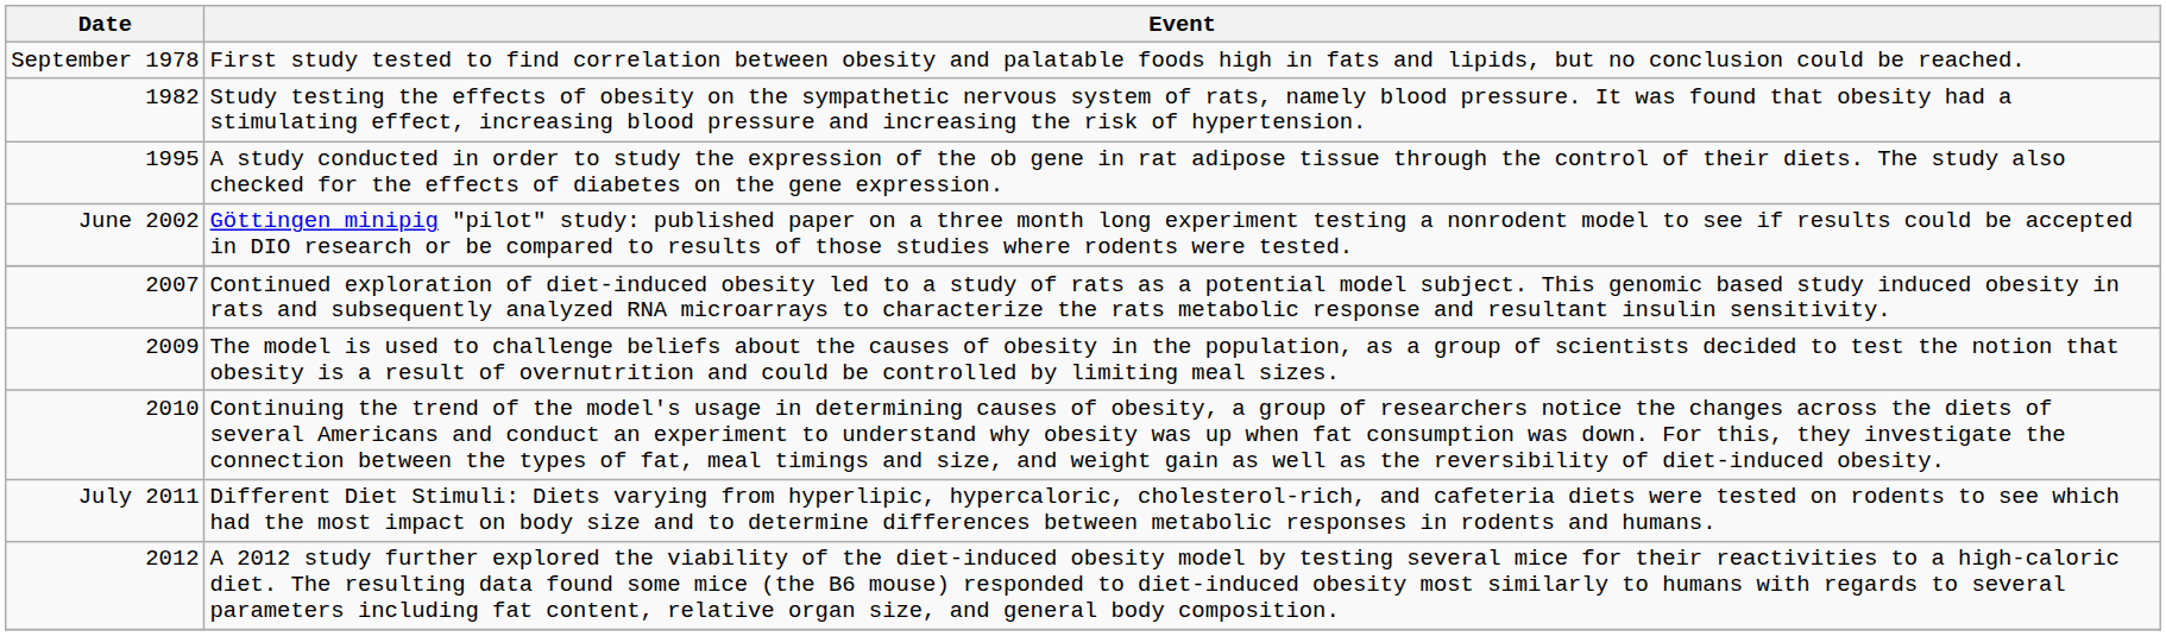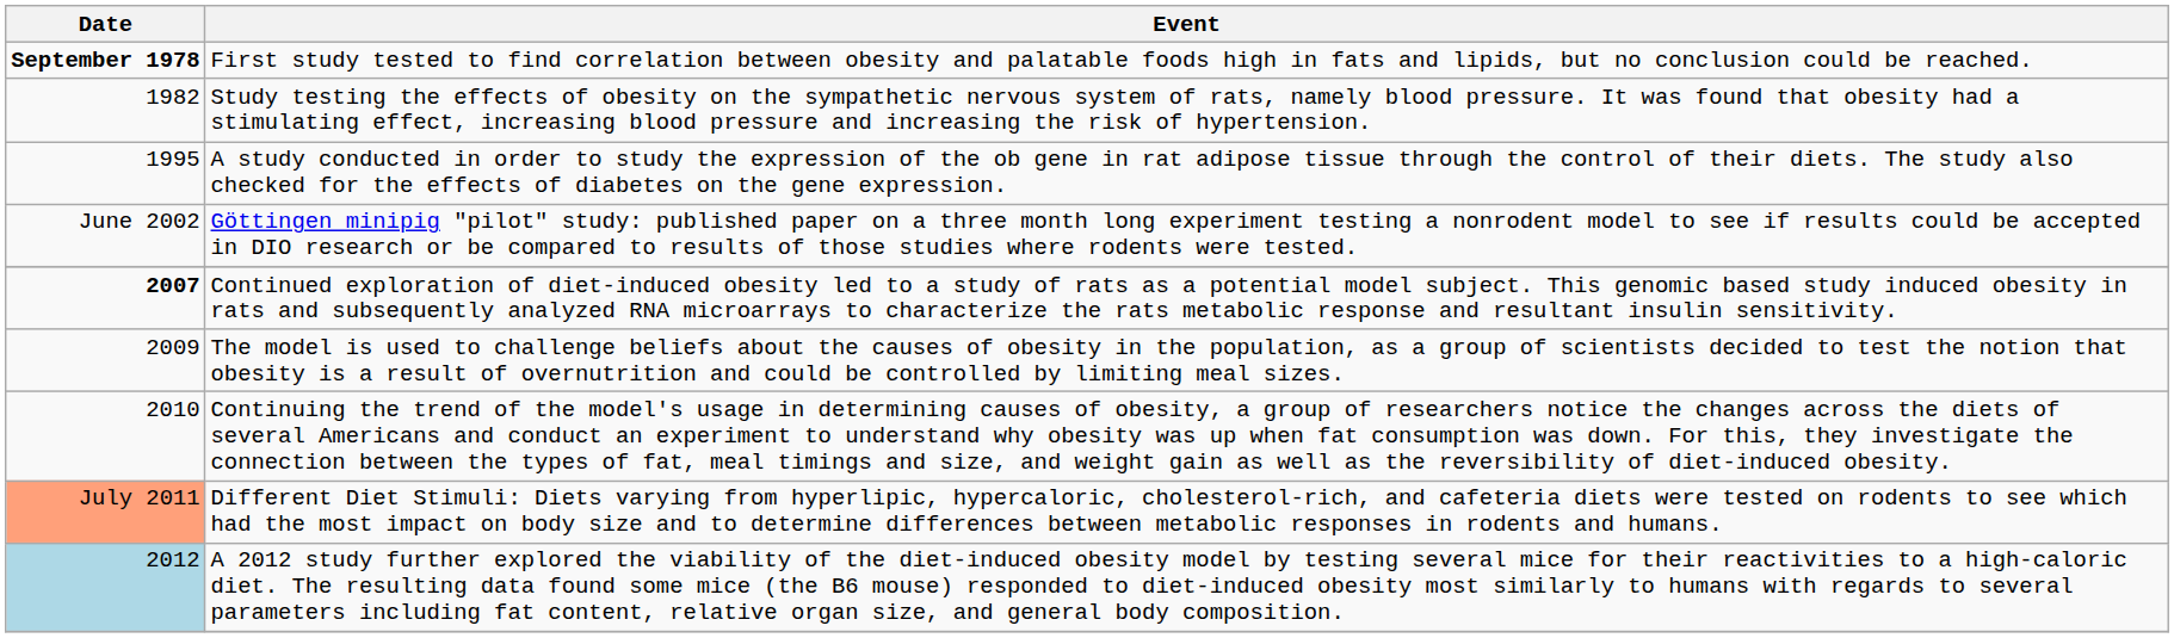 <table class="wikitable">
 <tr>
 <th scope="col">Date</th>
 <th scope="col">Event</th>
 </tr>
 <tr>
-<td style="vertical-align: top; text-align: right; white-space: nowrap;">September 1978</td>
+<td style="vertical-align: top; text-align: right; white-space: nowrap;"><strong>September 1978</strong></td>
 <td style="vertical-align: top;">First study tested to find correlation between obesity and palatable foods high in fats and lipids, but no conclusion could be reached.</td>
 </tr>
 <tr>
 <td style="vertical-align: top; text-align: right; white-space: nowrap;">1982</td>
 <td>Study testing the effects of obesity on the sympathetic nervous system of rats, namely blood pressure. It was found that obesity had a stimulating effect, increasing blood pressure and increasing the risk of hypertension.</td>
 </tr>
 <tr>
 <td style="vertical-align: top; text-align: right; white-space: nowrap;">1995</td>
 <td>A study conducted in order to study the expression of the ob gene in rat adipose tissue through the control of their diets.  The study also checked for the effects of diabetes on the gene expression.</td>
 </tr>
 <tr>
 <td style="vertical-align: top; text-align: right; white-space: nowrap;">June 2002</td>
 <td><a href='#'>Göttingen minipig</a> "pilot" study: published paper on a three month long experiment testing a nonrodent model to see if results could be accepted in DIO research or be compared to results of those studies where rodents were tested.</td>
 </tr>
 <tr>
 </tr>
 <tr>
-<td style="vertical-align: top; text-align: right; white-space: nowrap;">2007</td>
+<td style="vertical-align: top; text-align: right; white-space: nowrap;"><strong>2007</strong></td>
 <td>Continued exploration of diet-induced obesity led to a study of rats as a potential model subject. This genomic based study induced obesity in rats and subsequently analyzed RNA microarrays to characterize the rats metabolic response and resultant insulin sensitivity.</td>
 </tr>
 <tr>
 <td style="vertical-align: top; text-align: right; white-space: nowrap;">2009</td>
 <td>The model is used to challenge beliefs about the causes of obesity in the population, as a group of scientists decided to test the notion that obesity is a result of overnutrition and could be controlled by limiting meal sizes.</td>
 </tr>
 <tr>
 <td style="vertical-align: top; text-align: right; white-space: nowrap;">2010</td>
 <td>Continuing the trend of the model's usage in determining causes of obesity, a group of researchers notice the changes across the diets of several Americans and conduct an experiment to understand why obesity was up when fat consumption was down. For this, they investigate the connection between the types of fat, meal timings and size, and weight gain as well as the reversibility of diet-induced obesity.</td>
 </tr>
 <tr>
-<td style="vertical-align: top; text-align: right; white-space: nowrap;">July 2011</td>
+<td style="background: lightsalmon; vertical-align: top; text-align: right; white-space: nowrap;">July 2011</td>
 <td>Different Diet Stimuli: Diets varying from hyperlipic, hypercaloric, cholesterol-rich, and cafeteria diets were tested on rodents to see which had the most impact on body size and to determine differences between metabolic responses in rodents and humans.</td>
 </tr>
 <tr>
-<td style="vertical-align: top; text-align: right; white-space: nowrap;">2012</td>
+<td style="background: lightblue; vertical-align: top; text-align: right; white-space: nowrap;">2012</td>
 <td>A 2012 study further explored the viability of the diet-induced obesity model by testing several mice for their reactivities to a high-caloric diet. The resulting data found some mice (the B6 mouse) responded to diet-induced obesity most similarly to humans with regards to several parameters including fat content, relative organ size, and general body composition.</td>
 </tr>
 <tr>
 </tr>
 </table>
